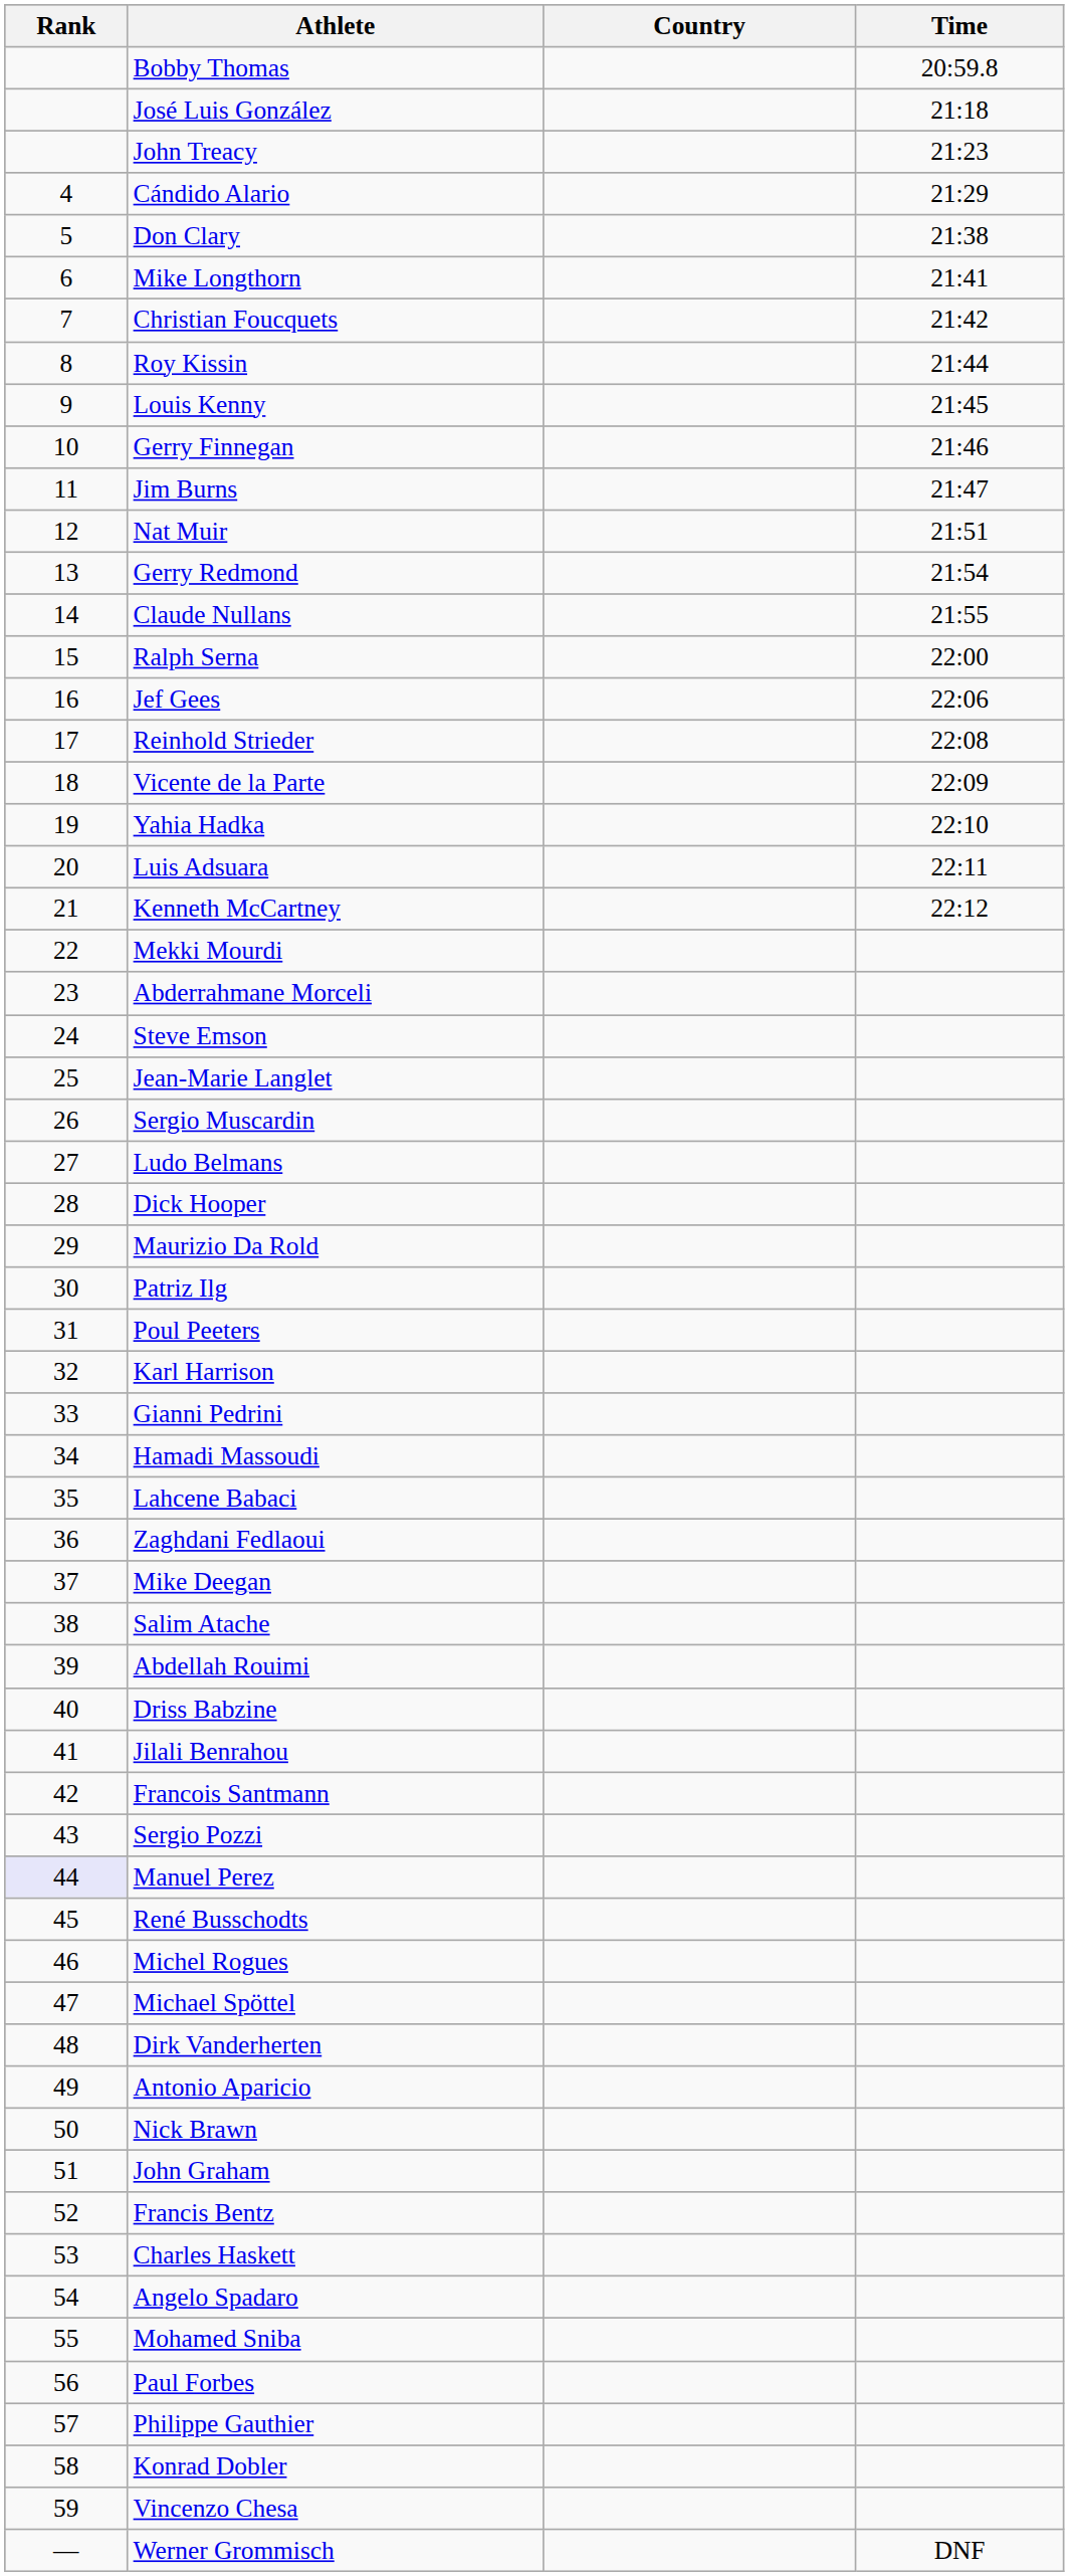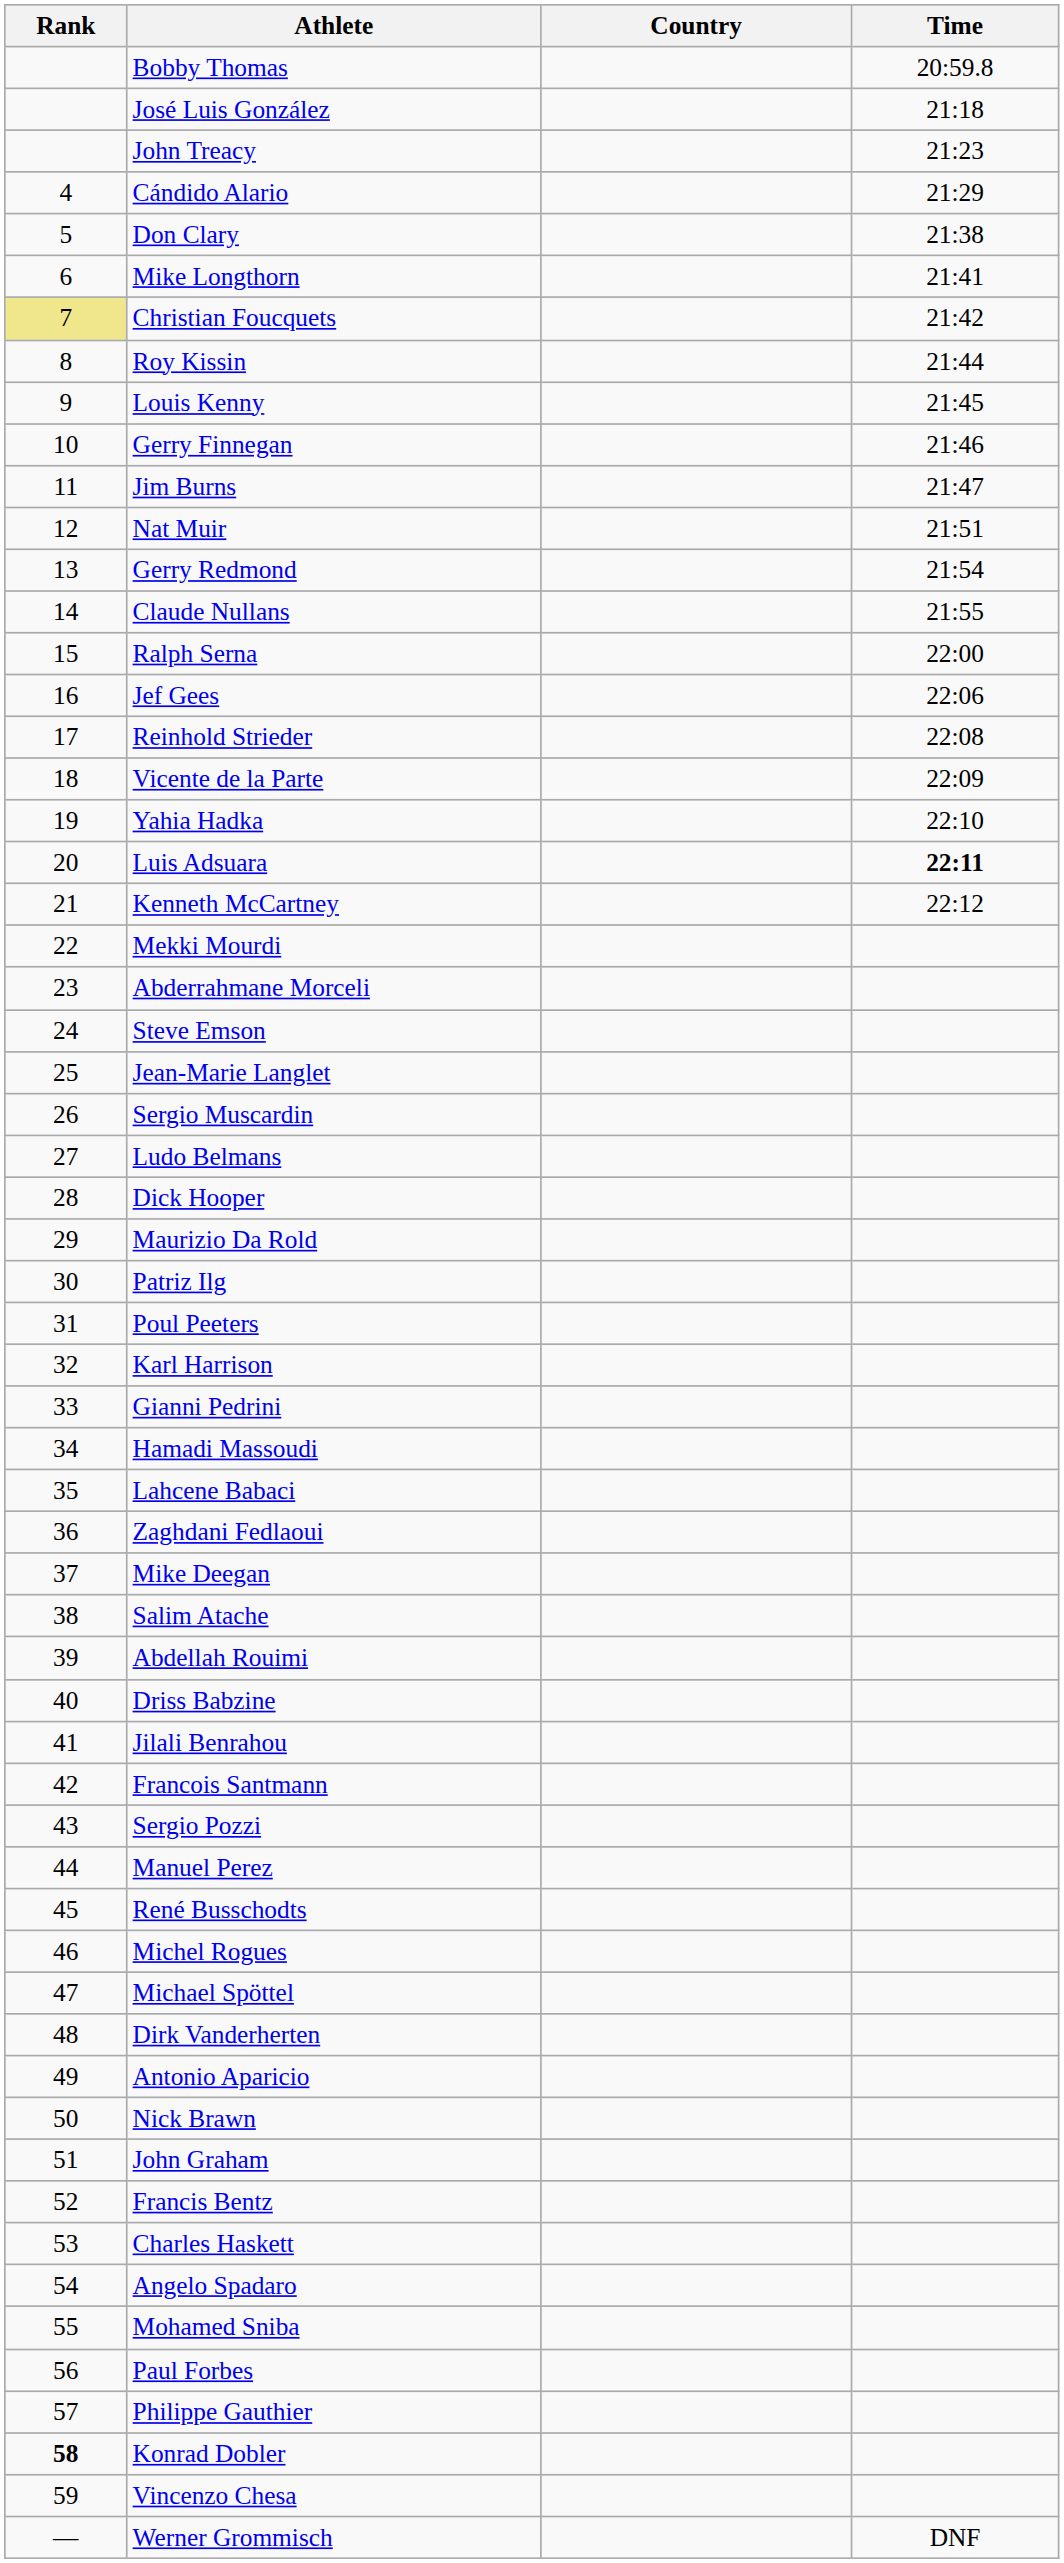 <table class="wikitable sortable" style=" text-align:center; font-size:95%;" width="50%">
 <tr>
 <th width=5%>Rank</th>
 <th width=20%>Athlete</th>
 <th width=15%>Country</th>
 <th width=10%>Time</th>
 </tr>
 <tr>
 <td align=center></td>
 <td align=left><a href='#'>Bobby Thomas</a></td>
 <td align=left></td>
 <td>20:59.8</td>
 </tr>
 <tr>
 <td align=center></td>
 <td align=left><a href='#'>José Luis González</a></td>
 <td align=left></td>
 <td>21:18</td>
 </tr>
 <tr>
 <td align=center></td>
 <td align=left><a href='#'>John Treacy</a></td>
 <td align=left></td>
 <td>21:23</td>
 </tr>
 <tr>
 <td align=center>4</td>
 <td align=left><a href='#'>Cándido Alario</a></td>
 <td align=left></td>
 <td>21:29</td>
 </tr>
 <tr>
 <td align=center>5</td>
 <td align=left><a href='#'>Don Clary</a></td>
 <td align=left></td>
 <td>21:38</td>
 </tr>
 <tr>
 <td align=center>6</td>
 <td align=left><a href='#'>Mike Longthorn</a></td>
 <td align=left></td>
 <td>21:41</td>
 </tr>
 <tr>
-<td align=center>7</td>
+<td align=center style="background: khaki;">7</td>
 <td align=left><a href='#'>Christian Foucquets</a></td>
 <td align=left></td>
 <td>21:42</td>
 </tr>
 <tr>
 <td align=center>8</td>
 <td align=left><a href='#'>Roy Kissin</a></td>
 <td align=left></td>
 <td>21:44</td>
 </tr>
 <tr>
 <td align=center>9</td>
 <td align=left><a href='#'>Louis Kenny</a></td>
 <td align=left></td>
 <td>21:45</td>
 </tr>
 <tr>
 <td align=center>10</td>
 <td align=left><a href='#'>Gerry Finnegan</a></td>
 <td align=left></td>
 <td>21:46</td>
 </tr>
 <tr>
 <td align=center>11</td>
 <td align=left><a href='#'>Jim Burns</a></td>
 <td align=left></td>
 <td>21:47</td>
 </tr>
 <tr>
 <td align=center>12</td>
 <td align=left><a href='#'>Nat Muir</a></td>
 <td align=left></td>
 <td>21:51</td>
 </tr>
 <tr>
 <td align=center>13</td>
 <td align=left><a href='#'>Gerry Redmond</a></td>
 <td align=left></td>
 <td>21:54</td>
 </tr>
 <tr>
 <td align=center>14</td>
 <td align=left><a href='#'>Claude Nullans</a></td>
 <td align=left></td>
 <td>21:55</td>
 </tr>
 <tr>
 <td align=center>15</td>
 <td align=left><a href='#'>Ralph Serna</a></td>
 <td align=left></td>
 <td>22:00</td>
 </tr>
 <tr>
 <td align=center>16</td>
 <td align=left><a href='#'>Jef Gees</a></td>
 <td align=left></td>
 <td>22:06</td>
 </tr>
 <tr>
 <td align=center>17</td>
 <td align=left><a href='#'>Reinhold Strieder</a></td>
 <td align=left></td>
 <td>22:08</td>
 </tr>
 <tr>
 <td align=center>18</td>
 <td align=left><a href='#'>Vicente de la Parte</a></td>
 <td align=left></td>
 <td>22:09</td>
 </tr>
 <tr>
 <td align=center>19</td>
 <td align=left><a href='#'>Yahia Hadka</a></td>
 <td align=left></td>
 <td>22:10</td>
 </tr>
 <tr>
 <td align=center>20</td>
 <td align=left><a href='#'>Luis Adsuara</a></td>
 <td align=left></td>
-<td>22:11</td>
+<td><strong>22:11</strong></td>
 </tr>
 <tr>
 <td align=center>21</td>
 <td align=left><a href='#'>Kenneth McCartney</a></td>
 <td align=left></td>
 <td>22:12</td>
 </tr>
 <tr>
 <td align=center>22</td>
 <td align=left><a href='#'>Mekki Mourdi</a></td>
 <td align=left></td>
 <td></td>
 </tr>
 <tr>
 <td align=center>23</td>
 <td align=left><a href='#'>Abderrahmane Morceli</a></td>
 <td align=left></td>
 <td></td>
 </tr>
 <tr>
 <td align=center>24</td>
 <td align=left><a href='#'>Steve Emson</a></td>
 <td align=left></td>
 <td></td>
 </tr>
 <tr>
 <td align=center>25</td>
 <td align=left><a href='#'>Jean-Marie Langlet</a></td>
 <td align=left></td>
 <td></td>
 </tr>
 <tr>
 <td align=center>26</td>
 <td align=left><a href='#'>Sergio Muscardin</a></td>
 <td align=left></td>
 <td></td>
 </tr>
 <tr>
 <td align=center>27</td>
 <td align=left><a href='#'>Ludo Belmans</a></td>
 <td align=left></td>
 <td></td>
 </tr>
 <tr>
 <td align=center>28</td>
 <td align=left><a href='#'>Dick Hooper</a></td>
 <td align=left></td>
 <td></td>
 </tr>
 <tr>
 <td align=center>29</td>
 <td align=left><a href='#'>Maurizio Da Rold</a></td>
 <td align=left></td>
 <td></td>
 </tr>
 <tr>
 <td align=center>30</td>
 <td align=left><a href='#'>Patriz Ilg</a></td>
 <td align=left></td>
 <td></td>
 </tr>
 <tr>
 <td align=center>31</td>
 <td align=left><a href='#'>Poul Peeters</a></td>
 <td align=left></td>
 <td></td>
 </tr>
 <tr>
 <td align=center>32</td>
 <td align=left><a href='#'>Karl Harrison</a></td>
 <td align=left></td>
 <td></td>
 </tr>
 <tr>
 <td align=center>33</td>
 <td align=left><a href='#'>Gianni Pedrini</a></td>
 <td align=left></td>
 <td></td>
 </tr>
 <tr>
 <td align=center>34</td>
 <td align=left><a href='#'>Hamadi Massoudi</a></td>
 <td align=left></td>
 <td></td>
 </tr>
 <tr>
 <td align=center>35</td>
 <td align=left><a href='#'>Lahcene Babaci</a></td>
 <td align=left></td>
 <td></td>
 </tr>
 <tr>
 <td align=center>36</td>
 <td align=left><a href='#'>Zaghdani Fedlaoui</a></td>
 <td align=left></td>
 <td></td>
 </tr>
 <tr>
 <td align=center>37</td>
 <td align=left><a href='#'>Mike Deegan</a></td>
 <td align=left></td>
 <td></td>
 </tr>
 <tr>
 <td align=center>38</td>
 <td align=left><a href='#'>Salim Atache</a></td>
 <td align=left></td>
 <td></td>
 </tr>
 <tr>
 <td align=center>39</td>
 <td align=left><a href='#'>Abdellah Rouimi</a></td>
 <td align=left></td>
 <td></td>
 </tr>
 <tr>
 <td align=center>40</td>
 <td align=left><a href='#'>Driss Babzine</a></td>
 <td align=left></td>
 <td></td>
 </tr>
 <tr>
 <td align=center>41</td>
 <td align=left><a href='#'>Jilali Benrahou</a></td>
 <td align=left></td>
 <td></td>
 </tr>
 <tr>
 <td align=center>42</td>
 <td align=left><a href='#'>Francois Santmann</a></td>
 <td align=left></td>
 <td></td>
 </tr>
 <tr>
 <td align=center>43</td>
 <td align=left><a href='#'>Sergio Pozzi</a></td>
 <td align=left></td>
 <td></td>
 </tr>
 <tr>
-<td align=center style="background: lavender;">44</td>
+<td align=center>44</td>
 <td align=left><a href='#'>Manuel Perez</a></td>
 <td align=left></td>
 <td></td>
 </tr>
 <tr>
 <td align=center>45</td>
 <td align=left><a href='#'>René Busschodts</a></td>
 <td align=left></td>
 <td></td>
 </tr>
 <tr>
 <td align=center>46</td>
 <td align=left><a href='#'>Michel Rogues</a></td>
 <td align=left></td>
 <td></td>
 </tr>
 <tr>
 <td align=center>47</td>
 <td align=left><a href='#'>Michael Spöttel</a></td>
 <td align=left></td>
 <td></td>
 </tr>
 <tr>
 <td align=center>48</td>
 <td align=left><a href='#'>Dirk Vanderherten</a></td>
 <td align=left></td>
 <td></td>
 </tr>
 <tr>
 <td align=center>49</td>
 <td align=left><a href='#'>Antonio Aparicio</a></td>
 <td align=left></td>
 <td></td>
 </tr>
 <tr>
 <td align=center>50</td>
 <td align=left><a href='#'>Nick Brawn</a></td>
 <td align=left></td>
 <td></td>
 </tr>
 <tr>
 <td align=center>51</td>
 <td align=left><a href='#'>John Graham</a></td>
 <td align=left></td>
 <td></td>
 </tr>
 <tr>
 <td align=center>52</td>
 <td align=left><a href='#'>Francis Bentz</a></td>
 <td align=left></td>
 <td></td>
 </tr>
 <tr>
 <td align=center>53</td>
 <td align=left><a href='#'>Charles Haskett</a></td>
 <td align=left></td>
 <td></td>
 </tr>
 <tr>
 <td align=center>54</td>
 <td align=left><a href='#'>Angelo Spadaro</a></td>
 <td align=left></td>
 <td></td>
 </tr>
 <tr>
 <td align=center>55</td>
 <td align=left><a href='#'>Mohamed Sniba</a></td>
 <td align=left></td>
 <td></td>
 </tr>
 <tr>
 <td align=center>56</td>
 <td align=left><a href='#'>Paul Forbes</a></td>
 <td align=left></td>
 <td></td>
 </tr>
 <tr>
 <td align=center>57</td>
 <td align=left><a href='#'>Philippe Gauthier</a></td>
 <td align=left></td>
 <td></td>
 </tr>
 <tr>
-<td align=center>58</td>
+<td align=center><strong>58</strong></td>
 <td align=left><a href='#'>Konrad Dobler</a></td>
 <td align=left></td>
 <td></td>
 </tr>
 <tr>
 <td align=center>59</td>
 <td align=left><a href='#'>Vincenzo Chesa</a></td>
 <td align=left></td>
 <td></td>
 </tr>
 <tr>
 <td align=center>—</td>
 <td align=left><a href='#'>Werner Grommisch</a></td>
 <td align=left></td>
 <td>DNF</td>
 </tr>
 </table>
